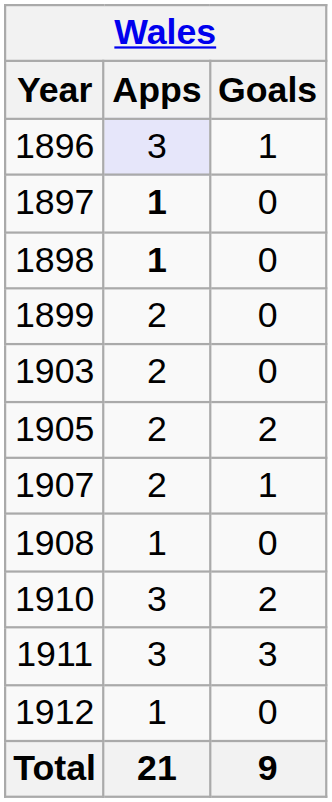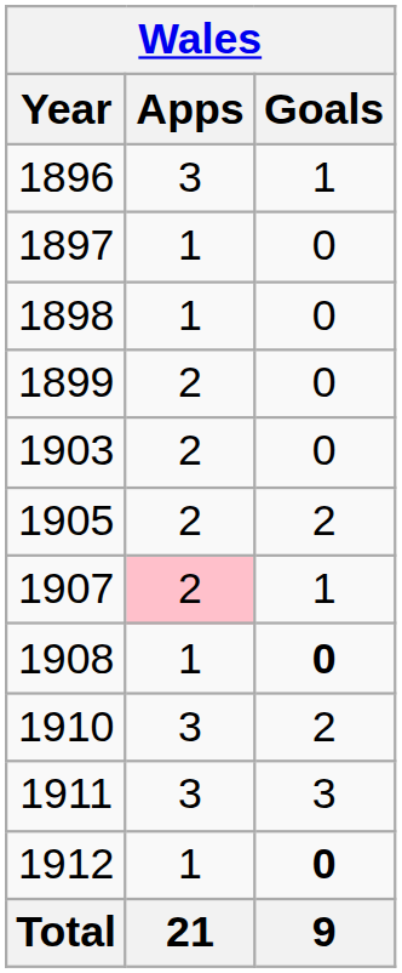 <table class="wikitable" style="text-align:center">
 <tr>
 <th colspan=3><a href='#'>Wales</a></th>
 </tr>
 <tr>
 <th>Year</th>
 <th>Apps</th>
 <th>Goals</th>
 </tr>
 <tr>
 <td>1896</td>
-<td style="background: lavender;">3</td>
+<td>3</td>
 <td>1</td>
 </tr>
 <tr>
 <td>1897</td>
-<td><strong>1</strong></td>
+<td>1</td>
 <td>0</td>
 </tr>
 <tr>
 <td>1898</td>
-<td><strong>1</strong></td>
+<td>1</td>
 <td>0</td>
 </tr>
 <tr>
 <td>1899</td>
 <td>2</td>
 <td>0</td>
 </tr>
 <tr>
 <td>1903</td>
 <td>2</td>
 <td>0</td>
 </tr>
 <tr>
 <td>1905</td>
 <td>2</td>
 <td>2</td>
 </tr>
 <tr>
 <td>1907</td>
-<td>2</td>
+<td style="background: pink;">2</td>
 <td>1</td>
 </tr>
 <tr>
 <td>1908</td>
 <td>1</td>
-<td>0</td>
+<td><strong>0</strong></td>
 </tr>
 <tr>
 <td>1910</td>
 <td>3</td>
 <td>2</td>
 </tr>
 <tr>
 <td>1911</td>
 <td>3</td>
 <td>3</td>
 </tr>
 <tr>
 <td>1912</td>
 <td>1</td>
-<td>0</td>
+<td><strong>0</strong></td>
 </tr>
 <tr>
 <th>Total</th>
 <th>21</th>
 <th>9</th>
 </tr>
 </table>
